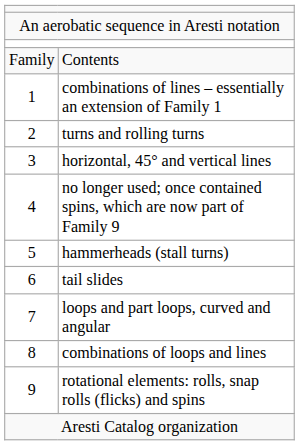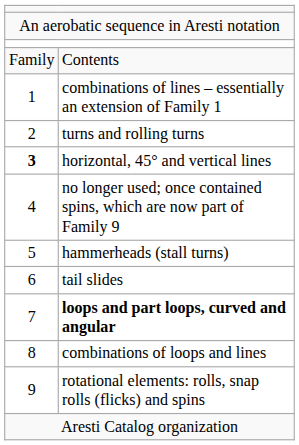 <table class="wikitable" align="right" style="margin-top:.4em; margin-bottom:1em; margin-left:2em; margin-right:0.1em; font-size:88%; background:white">
 <tr>
 <td colspan=2 align="center" style="background:#f9f9f9"></td>
 </tr>
 <tr>
 <td colspan=2 align="center" style="background:#f9f9f9">An aerobatic sequence in Aresti notation</td>
 </tr>
 <tr>
 <td colspan=2></td>
 </tr>
 <tr>
 <td style="background:#f9f9f9" align="center">Family</td>
 <td style="background:#f9f9f9" width=200>Contents</td>
 </tr>
 <tr>
 <td align="center">1</td>
 <td>combinations of lines – essentially an extension of Family 1</td>
 </tr>
 <tr>
 <td align="center">2</td>
 <td>turns and rolling turns</td>
 </tr>
 <tr>
-<td align="center">3</td>
+<td align="center"><strong>3</strong></td>
 <td>horizontal, 45° and vertical lines</td>
 </tr>
 <tr>
 <td align="center">4</td>
 <td>no longer used; once contained spins, which are now part of Family 9</td>
 </tr>
 <tr>
 <td align="center">5</td>
 <td>hammerheads (stall turns)</td>
 </tr>
 <tr>
 <td align="center">6</td>
 <td>tail slides</td>
 </tr>
 <tr>
 <td align="center">7</td>
-<td>loops and part loops, curved and angular</td>
+<td><strong>loops and part loops, curved and angular</strong></td>
 </tr>
 <tr>
 <td align="center">8</td>
 <td>combinations of loops and lines</td>
 </tr>
 <tr>
 <td align="center">9</td>
 <td>rotational elements: rolls, snap rolls (flicks) and spins</td>
 </tr>
 <tr>
 <td colspan=2 align="center" style="background:#f9f9f9">Aresti Catalog organization</td>
 </tr>
 </table>
